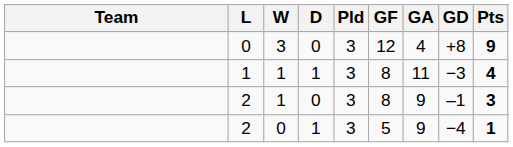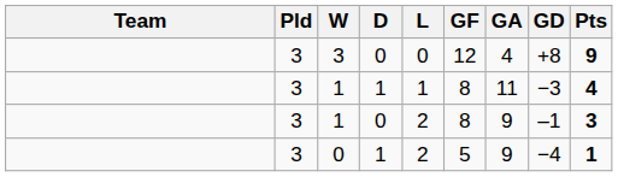 <table class=wikitable style="text-align:center">
 <tr>
 <th width=200>Team</th>
-<th width=25>L</th>
+<th width=25>Pld</th>
 <th width=25>W</th>
 <th width=25>D</th>
-<th width=25>Pld</th>
+<th width=25>L</th>
 <th width=25>GF</th>
 <th width=25>GA</th>
 <th width=25>GD</th>
 <th width=25>Pts</th>
 </tr>
 <tr>
 <td align=left></td>
-<td>0</td>
+<td>3</td>
 <td>3</td>
 <td>0</td>
-<td>3</td>
+<td>0</td>
 <td>12</td>
 <td>4</td>
 <td>+8</td>
 <td><strong>9</strong></td>
 </tr>
 <tr>
 <td align=left></td>
+<td>3</td>
 <td>1</td>
 <td>1</td>
 <td>1</td>
-<td>3</td>
 <td>8</td>
 <td>11</td>
 <td>−3</td>
 <td><strong>4</strong></td>
 </tr>
 <tr>
 <td align=left></td>
-<td>2</td>
+<td>3</td>
 <td>1</td>
 <td>0</td>
-<td>3</td>
+<td>2</td>
 <td>8</td>
 <td>9</td>
 <td>–1</td>
 <td><strong>3</strong></td>
 </tr>
 <tr>
 <td align=left></td>
-<td>2</td>
+<td>3</td>
 <td>0</td>
 <td>1</td>
-<td>3</td>
+<td>2</td>
 <td>5</td>
 <td>9</td>
 <td>−4</td>
 <td><strong>1</strong></td>
 </tr>
 </table>
